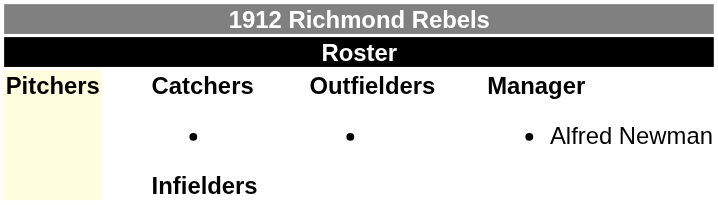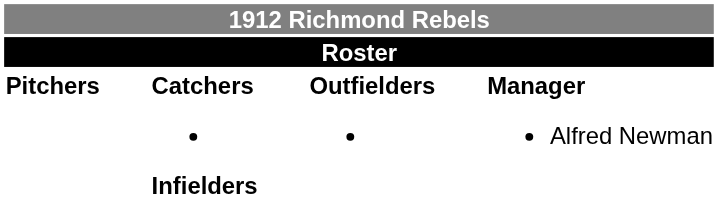 <table class="toccolours" style="font-size: 95%;">
 <tr>
 <th colspan="10" style="background-color: gray; color: white; text-align: center;">1912 Richmond Rebels</th>
 </tr>
 <tr>
 <td colspan="10" style="background-color:black; color: white; text-align: center;"><strong>Roster</strong></td>
 </tr>
 <tr>
-<td valign="top" style="background: lightyellow;"><strong>Pitchers</strong></td>
+<td valign="top"><strong>Pitchers</strong></td>
 <td width="25px"></td>
 <td valign="top"><strong>Catchers</strong><br><ul><li></li></ul><strong>Infielders</strong></td>
 <td width="25px"></td>
 <td valign="top"><strong>Outfielders</strong><br><ul><li></li></ul></td>
 <td width="25px"></td>
 <td valign="top"><strong>Manager</strong><br><ul><li>Alfred Newman</li></ul></td>
 </tr>
 </table>
